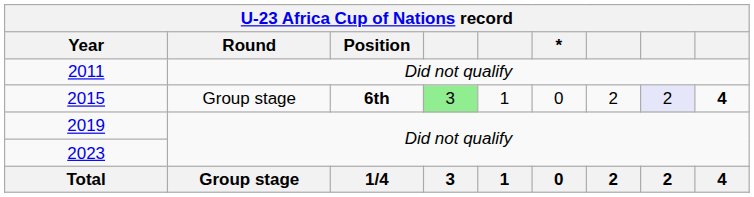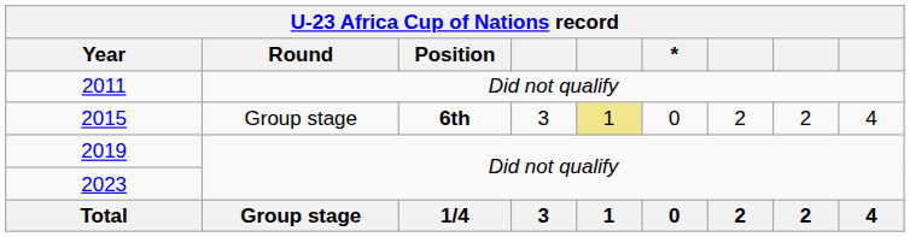 <table class="wikitable" style="font-size:90%; text-align:center;" width="50%">
 <tr>
 <th colspan=9><a href='#'>U-23 Africa Cup of Nations</a> record</th>
 </tr>
 <tr>
 <th width="15%">Year</th>
 <th width="15%">Round</th>
 <th width="5%">Position</th>
 <th width="5%"></th>
 <th width="5%"></th>
 <th width="5%">*</th>
 <th width="5%"></th>
 <th width="5%"></th>
 <th width="5%"></th>
 </tr>
 <tr>
 <td> <a href='#'>2011</a></td>
 <td colspan=8><em>Did not qualify</em></td>
 </tr>
 <tr>
 <td> <a href='#'>2015</a></td>
 <td>Group stage</td>
 <td><strong>6th</strong></td>
-<td style="background: lightgreen;">3</td>
-<td>1</td>
+<td>3</td>
+<td style="background: khaki;">1</td>
 <td>0</td>
 <td>2</td>
-<td style="background: lavender;">2</td>
-<td><strong>4</strong></td>
+<td>2</td>
+<td>4</td>
 </tr>
 <tr>
 <td> <a href='#'>2019</a></td>
 <td colspan=8 rowspan=2><em>Did not qualify</em></td>
 </tr>
 <tr>
 <td> <a href='#'>2023</a></td>
 </tr>
 <tr>
 <th>Total</th>
 <th>Group stage</th>
 <th>1/4</th>
 <th>3</th>
 <th>1</th>
 <th>0</th>
 <th>2</th>
 <th>2</th>
 <th>4</th>
 </tr>
 </table>
